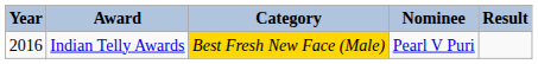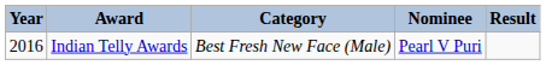 <table class="wikitable">
 <tr>
 <th style="background:#B0C4DE;">Year</th>
 <th style="background:#B0C4DE;">Award</th>
 <th style="background:#B0C4DE;">Category</th>
 <th style="background:#B0C4DE;">Nominee</th>
 <th style="background:#B0C4DE;">Result</th>
 </tr>
 <tr>
 <td rowspan="5">2016</td>
 <td rowspan="5"><a href='#'>Indian Telly Awards</a></td>
-<td style="background: gold;"><em>Best Fresh New Face (Male)</em></td>
+<td><em>Best Fresh New Face (Male)</em></td>
 <td><a href='#'>Pearl V Puri</a></td>
 <td></td>
 </tr>
 </table>
